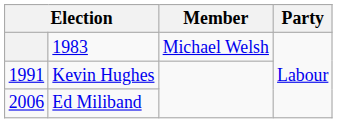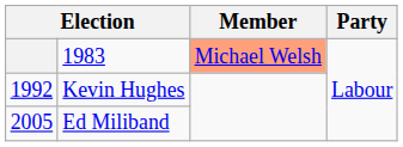 <table class="wikitable">
 <tr>
 <th colspan="2">Election</th>
 <th>Member</th>
 <th>Party</th>
 </tr>
 <tr>
 <th style="color:inherit;background-color: "></th>
 <td><a href='#'>1983</a></td>
-<td><a href='#'>Michael Welsh</a></td>
+<td style="background: lightsalmon;"><a href='#'>Michael Welsh</a></td>
 <td rowspan="3"><a href='#'>Labour</a></td>
 </tr>
 <tr>
-<td><a href='#'>1991</a></td>
+<td><a href='#'>1992</a></td>
 <td><a href='#'>Kevin Hughes</a></td>
 </tr>
 <tr>
-<td><a href='#'>2006</a></td>
+<td><a href='#'>2005</a></td>
 <td><a href='#'>Ed Miliband</a></td>
 </tr>
 </table>
